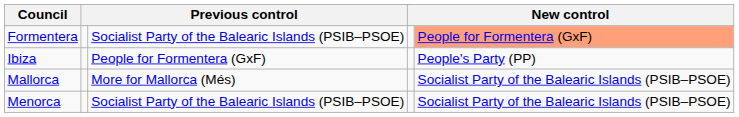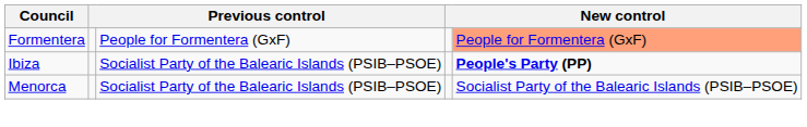 <table class="wikitable sortable">
 <tr>
 <th>Council</th>
 <th colspan="2" style="width:375px;">Previous control</th>
 <th colspan="2" style="width:375px;">New control</th>
 </tr>
 <tr>
 <td><a href='#'>Formentera</a></td>
 <td width="1" style="color:inherit;background:"></td>
-<td><a href='#'>Socialist Party of the Balearic Islands</a> (PSIB–PSOE)</td>
+<td><a href='#'>People for Formentera</a> (GxF)</td>
 <td width="1" style="color:inherit;background:"></td>
 <td style="background: lightsalmon;"><a href='#'>People for Formentera</a> (GxF)</td>
 </tr>
 <tr>
 <td><a href='#'>Ibiza</a></td>
 <td style="color:inherit;background:"></td>
-<td><a href='#'>People for Formentera</a> (GxF)</td>
+<td><a href='#'>Socialist Party of the Balearic Islands</a> (PSIB–PSOE)</td>
 <td style="color:inherit;background:"></td>
-<td><a href='#'>People's Party</a> (PP)</td>
-</tr>
-<tr>
-<td><a href='#'>Mallorca</a></td>
-<td style="color:inherit;background:"></td>
-<td><a href='#'>More for Mallorca</a> (Més)</td>
-<td style="color:inherit;background:"></td>
-<td><a href='#'>Socialist Party of the Balearic Islands</a> (PSIB–PSOE)</td>
+<td><strong><a href='#'>People's Party</a> (PP)</strong></td>
 </tr>
 <tr>
 <td><a href='#'>Menorca</a></td>
 <td style="color:inherit;background:"></td>
 <td><a href='#'>Socialist Party of the Balearic Islands</a> (PSIB–PSOE)</td>
 <td style="color:inherit;background:"></td>
 <td><a href='#'>Socialist Party of the Balearic Islands</a> (PSIB–PSOE)</td>
 </tr>
 </table>
